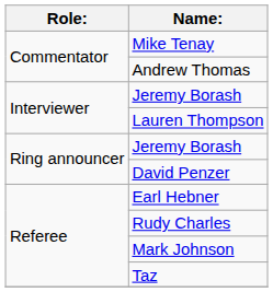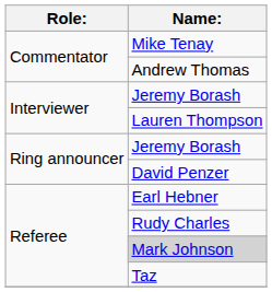 <table class=wikitable style="font-size:90%; margin: 0.5em 0 0.5em 1em; float: right; clear: right;">
 <tr>
 <th>Role:</th>
 <th>Name:</th>
 </tr>
 <tr>
 <td rowspan="2">Commentator</td>
 <td><a href='#'>Mike Tenay</a></td>
 </tr>
 <tr>
 <td>Andrew Thomas</td>
 </tr>
 <tr>
 <td rowspan="2">Interviewer</td>
 <td><a href='#'>Jeremy Borash</a></td>
 </tr>
 <tr>
 <td><a href='#'>Lauren Thompson</a></td>
 </tr>
 <tr>
 <td rowspan="2">Ring announcer</td>
 <td><a href='#'>Jeremy Borash</a></td>
 </tr>
 <tr>
 <td><a href='#'>David Penzer</a></td>
 </tr>
 <tr>
 <td rowspan="4">Referee</td>
 <td><a href='#'>Earl Hebner</a></td>
 </tr>
 <tr>
 <td><a href='#'>Rudy Charles</a></td>
 </tr>
 <tr>
-<td><a href='#'>Mark Johnson</a></td>
+<td style="background: lightgrey;"><a href='#'>Mark Johnson</a></td>
 </tr>
 <tr>
 <td><a href='#'>Taz</a></td>
 </tr>
 <tr>
 </tr>
 </table>
